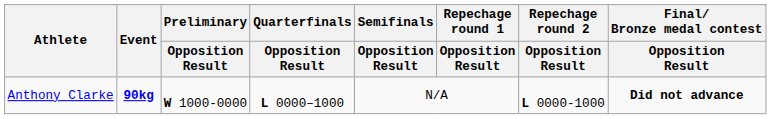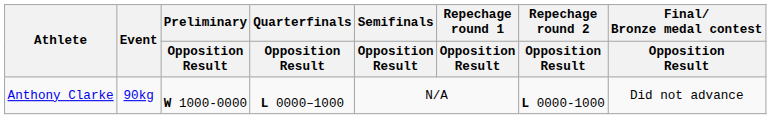 <table class=wikitable style="font-size:90%">
 <tr>
 <th rowspan="2">Athlete</th>
 <th rowspan="2">Event</th>
 <th>Preliminary</th>
 <th>Quarterfinals</th>
 <th>Semifinals</th>
 <th>Repechage <br>round 1</th>
 <th>Repechage <br>round 2</th>
 <th>Final/<br>Bronze medal contest</th>
 </tr>
 <tr>
 <th>Opposition<br>Result</th>
 <th>Opposition<br>Result</th>
 <th>Opposition<br>Result</th>
 <th>Opposition<br>Result</th>
 <th>Opposition<br>Result</th>
 <th>Opposition<br>Result</th>
 </tr>
 <tr>
 <td><a href='#'>Anthony Clarke</a></td>
-<td style="text-align:center;"><strong><a href='#'>90kg</a></strong></td>
+<td style="text-align:center;"><a href='#'>90kg</a></td>
 <td style="text-align:center;"><br> <strong>W</strong> 1000-0000</td>
 <td style="text-align:center;"><br> <strong>L</strong> 0000–1000</td>
 <td style="text-align:center;" colspan="2">N/A</td>
 <td style="text-align:center;"><br> <strong>L</strong> 0000-1000</td>
-<td style="text-align:center;"><strong>Did not advance</strong></td>
+<td style="text-align:center;">Did not advance</td>
 </tr>
 </table>
